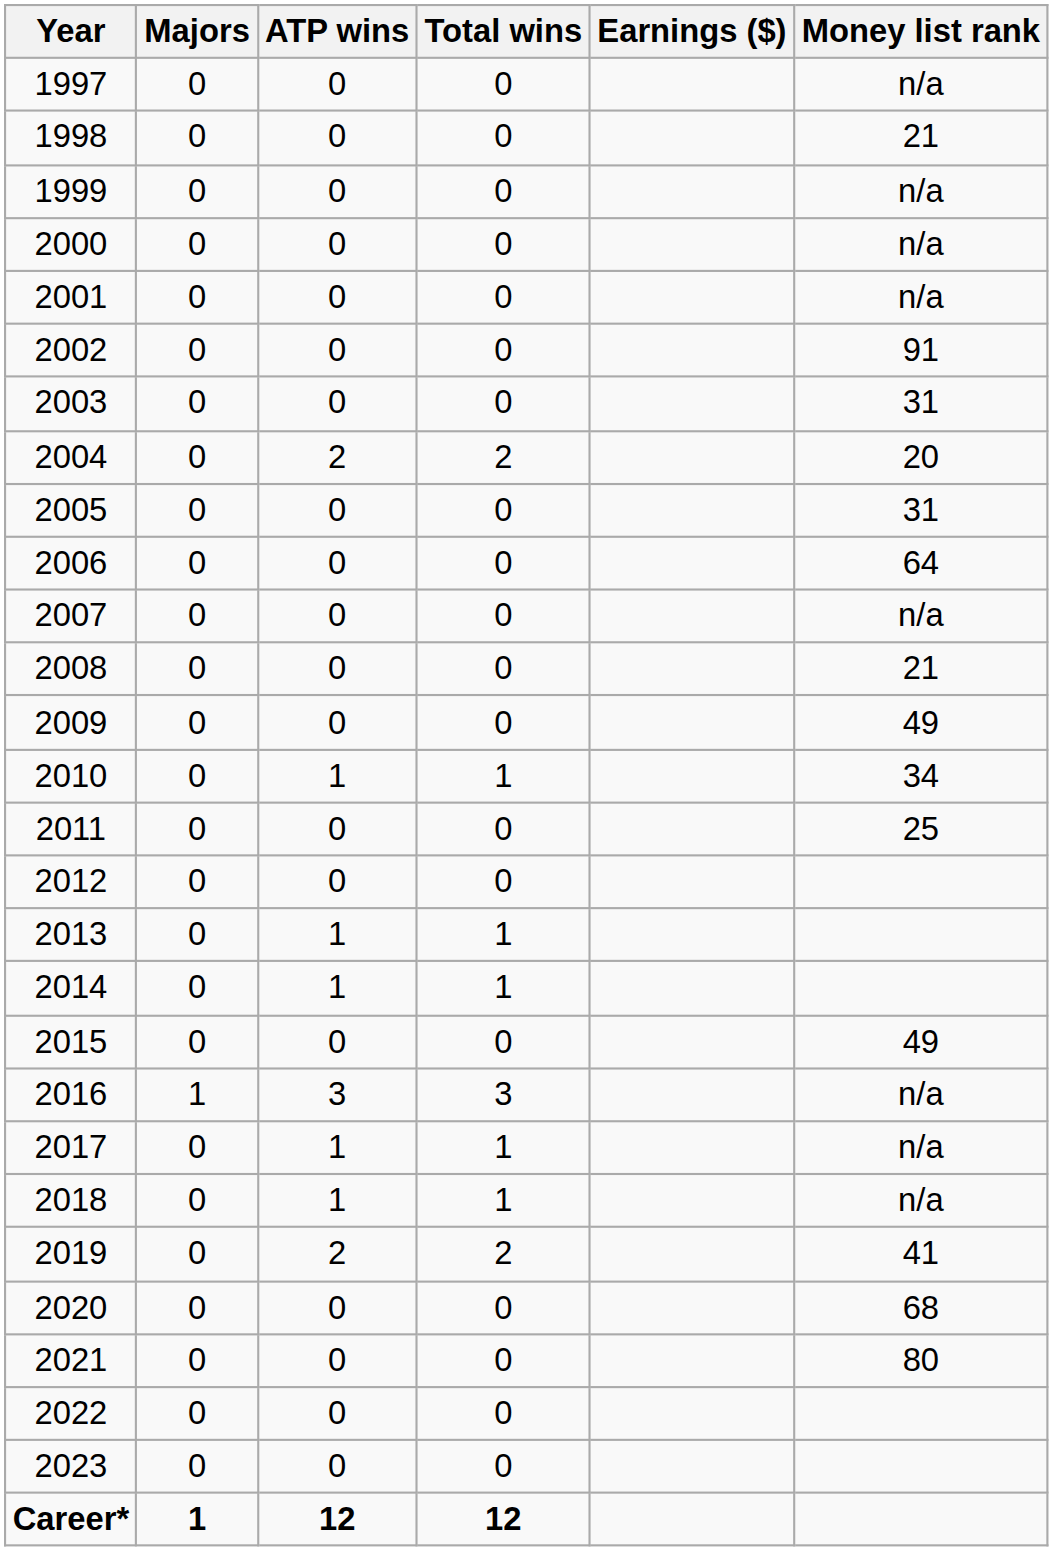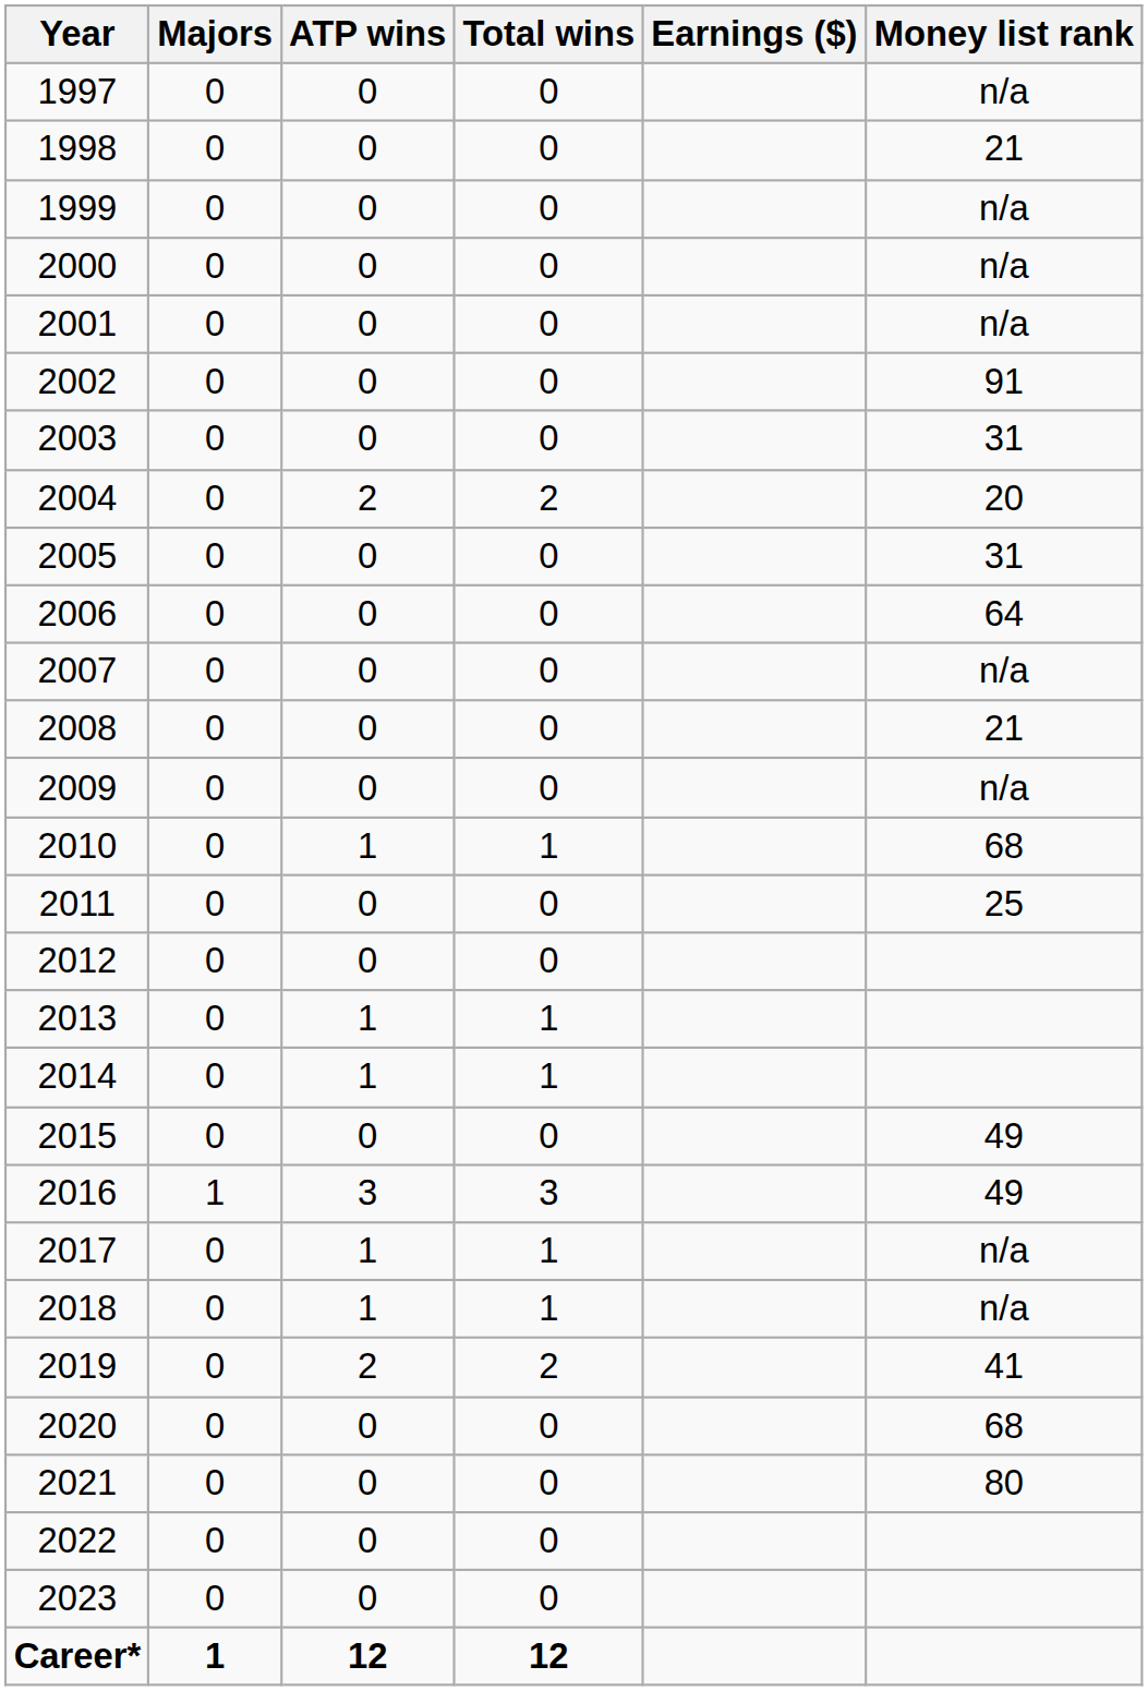 <table class="wikitable" style="font-size:97%;border:#aaa;solid:1;border-collapse:collapse;text-align:center">
 <tr>
 <th>Year</th>
 <th>Majors</th>
 <th>ATP wins</th>
 <th>Total wins</th>
 <th>Earnings ($)</th>
 <th>Money list rank</th>
 </tr>
 <tr>
 <td>1997</td>
 <td>0</td>
 <td>0</td>
 <td>0</td>
 <td align=right></td>
 <td>n/a</td>
 </tr>
 <tr>
 <td>1998</td>
 <td>0</td>
 <td>0</td>
 <td>0</td>
 <td align=right></td>
 <td>21</td>
 </tr>
 <tr>
 <td>1999</td>
 <td>0</td>
 <td>0</td>
 <td>0</td>
 <td align=right></td>
 <td>n/a</td>
 </tr>
 <tr>
 <td>2000</td>
 <td>0</td>
 <td>0</td>
 <td>0</td>
 <td align=right></td>
 <td>n/a</td>
 </tr>
 <tr>
 <td>2001</td>
 <td>0</td>
 <td>0</td>
 <td>0</td>
 <td align=right></td>
 <td>n/a</td>
 </tr>
 <tr>
 <td>2002</td>
 <td>0</td>
 <td>0</td>
 <td>0</td>
 <td align=right></td>
 <td>91</td>
 </tr>
 <tr>
 <td>2003</td>
 <td>0</td>
 <td>0</td>
 <td>0</td>
 <td align=right></td>
 <td>31</td>
 </tr>
 <tr>
 <td>2004</td>
 <td>0</td>
 <td>2</td>
 <td>2</td>
 <td align=right></td>
 <td>20</td>
 </tr>
 <tr>
 <td>2005</td>
 <td>0</td>
 <td>0</td>
 <td>0</td>
 <td align=right></td>
 <td>31</td>
 </tr>
 <tr>
 <td>2006</td>
 <td>0</td>
 <td>0</td>
 <td>0</td>
 <td align=right></td>
 <td>64</td>
 </tr>
 <tr>
 <td>2007</td>
 <td>0</td>
 <td>0</td>
 <td>0</td>
 <td align=right></td>
 <td>n/a</td>
 </tr>
 <tr>
 <td>2008</td>
 <td>0</td>
 <td>0</td>
 <td>0</td>
 <td align=right></td>
 <td>21</td>
 </tr>
 <tr>
 <td>2009</td>
 <td>0</td>
 <td>0</td>
 <td>0</td>
 <td align=right></td>
-<td>49</td>
+<td>n/a</td>
 </tr>
 <tr>
 <td>2010</td>
 <td>0</td>
 <td>1</td>
 <td>1</td>
 <td align=right></td>
-<td>34</td>
+<td>68</td>
 </tr>
 <tr>
 <td>2011</td>
 <td>0</td>
 <td>0</td>
 <td>0</td>
 <td align=right></td>
 <td>25</td>
 </tr>
 <tr>
 <td>2012</td>
 <td>0</td>
 <td>0</td>
 <td>0</td>
 <td align=right></td>
 <td></td>
 </tr>
 <tr>
 <td>2013</td>
 <td>0</td>
 <td>1</td>
 <td>1</td>
 <td align=right></td>
 <td></td>
 </tr>
 <tr>
 <td>2014</td>
 <td>0</td>
 <td>1</td>
 <td>1</td>
 <td align=right></td>
 <td></td>
 </tr>
 <tr>
 <td>2015</td>
 <td>0</td>
 <td>0</td>
 <td>0</td>
 <td align=right></td>
 <td>49</td>
 </tr>
 <tr>
 <td>2016</td>
 <td>1</td>
 <td>3</td>
 <td>3</td>
 <td align=right></td>
-<td>n/a</td>
+<td>49</td>
 </tr>
 <tr>
 <td>2017</td>
 <td>0</td>
 <td>1</td>
 <td>1</td>
 <td align=right></td>
 <td>n/a</td>
 </tr>
 <tr>
 <td>2018</td>
 <td>0</td>
 <td>1</td>
 <td>1</td>
 <td align=right></td>
 <td>n/a</td>
 </tr>
 <tr>
 <td>2019</td>
 <td>0</td>
 <td>2</td>
 <td>2</td>
 <td align=right></td>
 <td>41</td>
 </tr>
 <tr>
 <td>2020</td>
 <td>0</td>
 <td>0</td>
 <td>0</td>
 <td align=right></td>
 <td>68</td>
 </tr>
 <tr>
 <td>2021</td>
 <td>0</td>
 <td>0</td>
 <td>0</td>
 <td align=right></td>
 <td>80</td>
 </tr>
 <tr>
 <td>2022</td>
 <td>0</td>
 <td>0</td>
 <td>0</td>
 <td align=right></td>
 <td></td>
 </tr>
 <tr>
 <td>2023</td>
 <td>0</td>
 <td>0</td>
 <td>0</td>
 <td align=right></td>
 <td></td>
 </tr>
 <tr style="font-weight:bold">
 <td>Career*</td>
 <td>1</td>
 <td>12</td>
 <td>12</td>
 <td></td>
 <td></td>
 </tr>
 </table>
